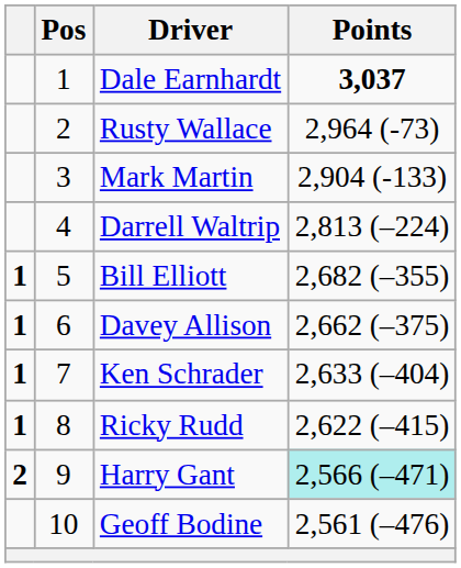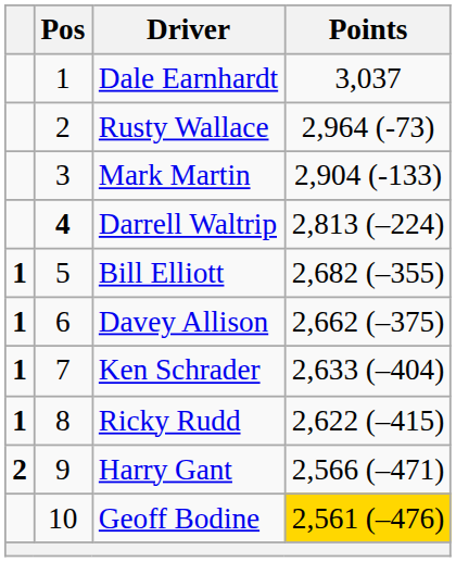 <table class="wikitable" style="font-size: 95%;">
 <tr>
 <th></th>
 <th>Pos</th>
 <th>Driver</th>
 <th>Points</th>
 </tr>
 <tr>
 <td align="left"></td>
 <td style="text-align:center;">1</td>
 <td><a href='#'>Dale Earnhardt</a></td>
-<td style="text-align:center;"><strong>3,037</strong></td>
+<td style="text-align:center;">3,037</td>
 </tr>
 <tr>
 <td align="left"></td>
 <td style="text-align:center;">2</td>
 <td><a href='#'>Rusty Wallace</a></td>
 <td style="text-align:center;">2,964 (-73)</td>
 </tr>
 <tr>
 <td align="left"></td>
 <td style="text-align:center;">3</td>
 <td><a href='#'>Mark Martin</a></td>
 <td style="text-align:center;">2,904 (-133)</td>
 </tr>
 <tr>
 <td align="left"></td>
-<td style="text-align:center;">4</td>
+<td style="text-align:center;"><strong>4</strong></td>
 <td><a href='#'>Darrell Waltrip</a></td>
 <td style="text-align:center;">2,813 (–224)</td>
 </tr>
 <tr>
 <td align="left">  <strong>1</strong></td>
 <td style="text-align:center;">5</td>
 <td><a href='#'>Bill Elliott</a></td>
 <td style="text-align:center;">2,682 (–355)</td>
 </tr>
 <tr>
 <td align="left">  <strong>1</strong></td>
 <td style="text-align:center;">6</td>
 <td><a href='#'>Davey Allison</a></td>
 <td style="text-align:center;">2,662 (–375)</td>
 </tr>
 <tr>
 <td align="left">  <strong>1</strong></td>
 <td style="text-align:center;">7</td>
 <td><a href='#'>Ken Schrader</a></td>
 <td style="text-align:center;">2,633 (–404)</td>
 </tr>
 <tr>
 <td align="left">  <strong>1</strong></td>
 <td style="text-align:center;">8</td>
 <td><a href='#'>Ricky Rudd</a></td>
 <td style="text-align:center;">2,622 (–415)</td>
 </tr>
 <tr>
 <td align="left">  <strong>2</strong></td>
 <td style="text-align:center;">9</td>
 <td><a href='#'>Harry Gant</a></td>
-<td style="background: paleturquoise; text-align:center;">2,566 (–471)</td>
+<td style="text-align:center;">2,566 (–471)</td>
 </tr>
 <tr>
 <td align="left"></td>
 <td style="text-align:center;">10</td>
 <td><a href='#'>Geoff Bodine</a></td>
-<td style="text-align:center;">2,561 (–476)</td>
+<td style="background: gold; text-align:center;">2,561 (–476)</td>
 </tr>
 <tr class="sortbottom">
 <th colspan="9"></th>
 </tr>
 </table>
